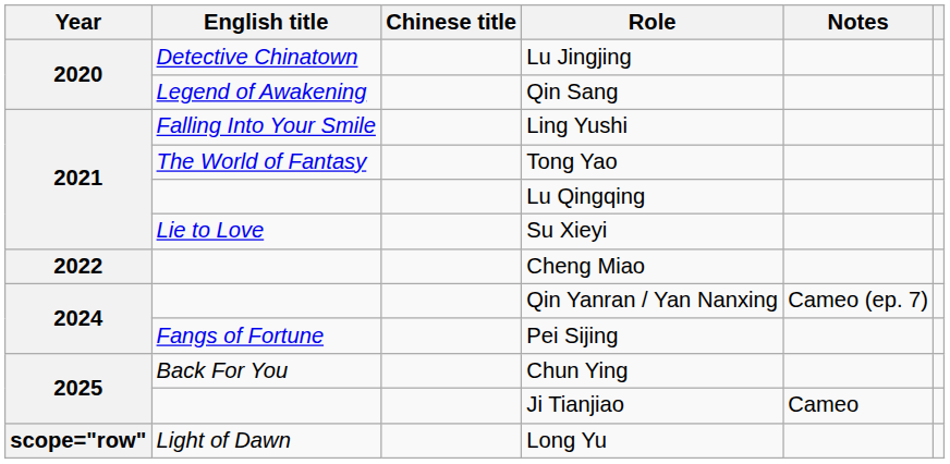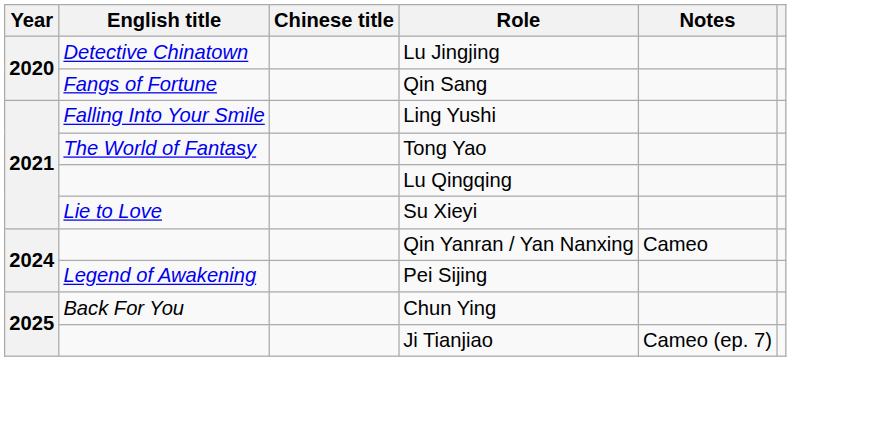 <table class="wikitable plainrowheaders">
 <tr>
 <th scope="col">Year</th>
 <th scope="col">English title</th>
 <th scope="col">Chinese title</th>
 <th scope="col">Role</th>
 <th scope="col">Notes</th>
 <th scope="col" class="unsortable"></th>
 </tr>
 <tr>
 <th scope="row" rowspan="2">2020</th>
 <td><em><a href='#'>Detective Chinatown</a></em></td>
 <td></td>
 <td>Lu Jingjing</td>
 <td></td>
 <td style="text-align:center"></td>
 </tr>
 <tr>
-<td><em><a href='#'>Legend of Awakening</a></em></td>
+<td><em><a href='#'>Fangs of Fortune</a></em></td>
 <td></td>
 <td>Qin Sang</td>
 <td></td>
 <td style="text-align:center"></td>
 </tr>
 <tr>
 <th scope="row" rowspan="4">2021</th>
 <td><em><a href='#'>Falling Into Your Smile</a></em></td>
 <td></td>
 <td>Ling Yushi</td>
 <td></td>
 <td style="text-align:center"></td>
 </tr>
 <tr>
 <td><em><a href='#'>The World of Fantasy</a></em></td>
 <td></td>
 <td>Tong Yao</td>
 <td></td>
 <td style="text-align:center"></td>
 </tr>
 <tr>
 <td><em></em></td>
 <td></td>
 <td>Lu Qingqing</td>
 <td></td>
 <td style="text-align:center"></td>
 </tr>
 <tr>
 <td><em><a href='#'>Lie to Love</a></em></td>
 <td></td>
 <td>Su Xieyi</td>
 <td></td>
 <td style="text-align:center"></td>
 </tr>
 <tr>
-<th scope="row">2022</th>
-<td><em></em></td>
-<td></td>
-<td>Cheng Miao</td>
-<td></td>
-<td style="text-align:center"></td>
-</tr>
-<tr>
 <th scope="row" rowspan="2">2024</th>
 <td><em></em></td>
 <td></td>
 <td>Qin Yanran / Yan Nanxing</td>
-<td>Cameo (ep. 7)</td>
+<td>Cameo</td>
 <td style="text-align:center"></td>
 </tr>
 <tr>
-<td><em><a href='#'>Fangs of Fortune</a></em></td>
+<td><em><a href='#'>Legend of Awakening</a></em></td>
 <td></td>
 <td>Pei Sijing</td>
 <td></td>
 <td style="text-align:center"></td>
 </tr>
 <tr>
 <th scope="row" rowspan="2">2025</th>
 <td><em>Back For You</em></td>
 <td></td>
 <td>Chun Ying</td>
 <td></td>
 <td style="text-align:center"></td>
 </tr>
 <tr>
 <td><em></em></td>
 <td></td>
 <td>Ji Tianjiao</td>
-<td>Cameo</td>
-<td style="text-align:center"></td>
-</tr>
-<tr>
-<th>scope="row" </th>
-<td><em>Light of Dawn</em></td>
-<td></td>
-<td>Long Yu</td>
-<td></td>
+<td>Cameo (ep. 7)</td>
 <td style="text-align:center"></td>
 </tr>
 </table>
